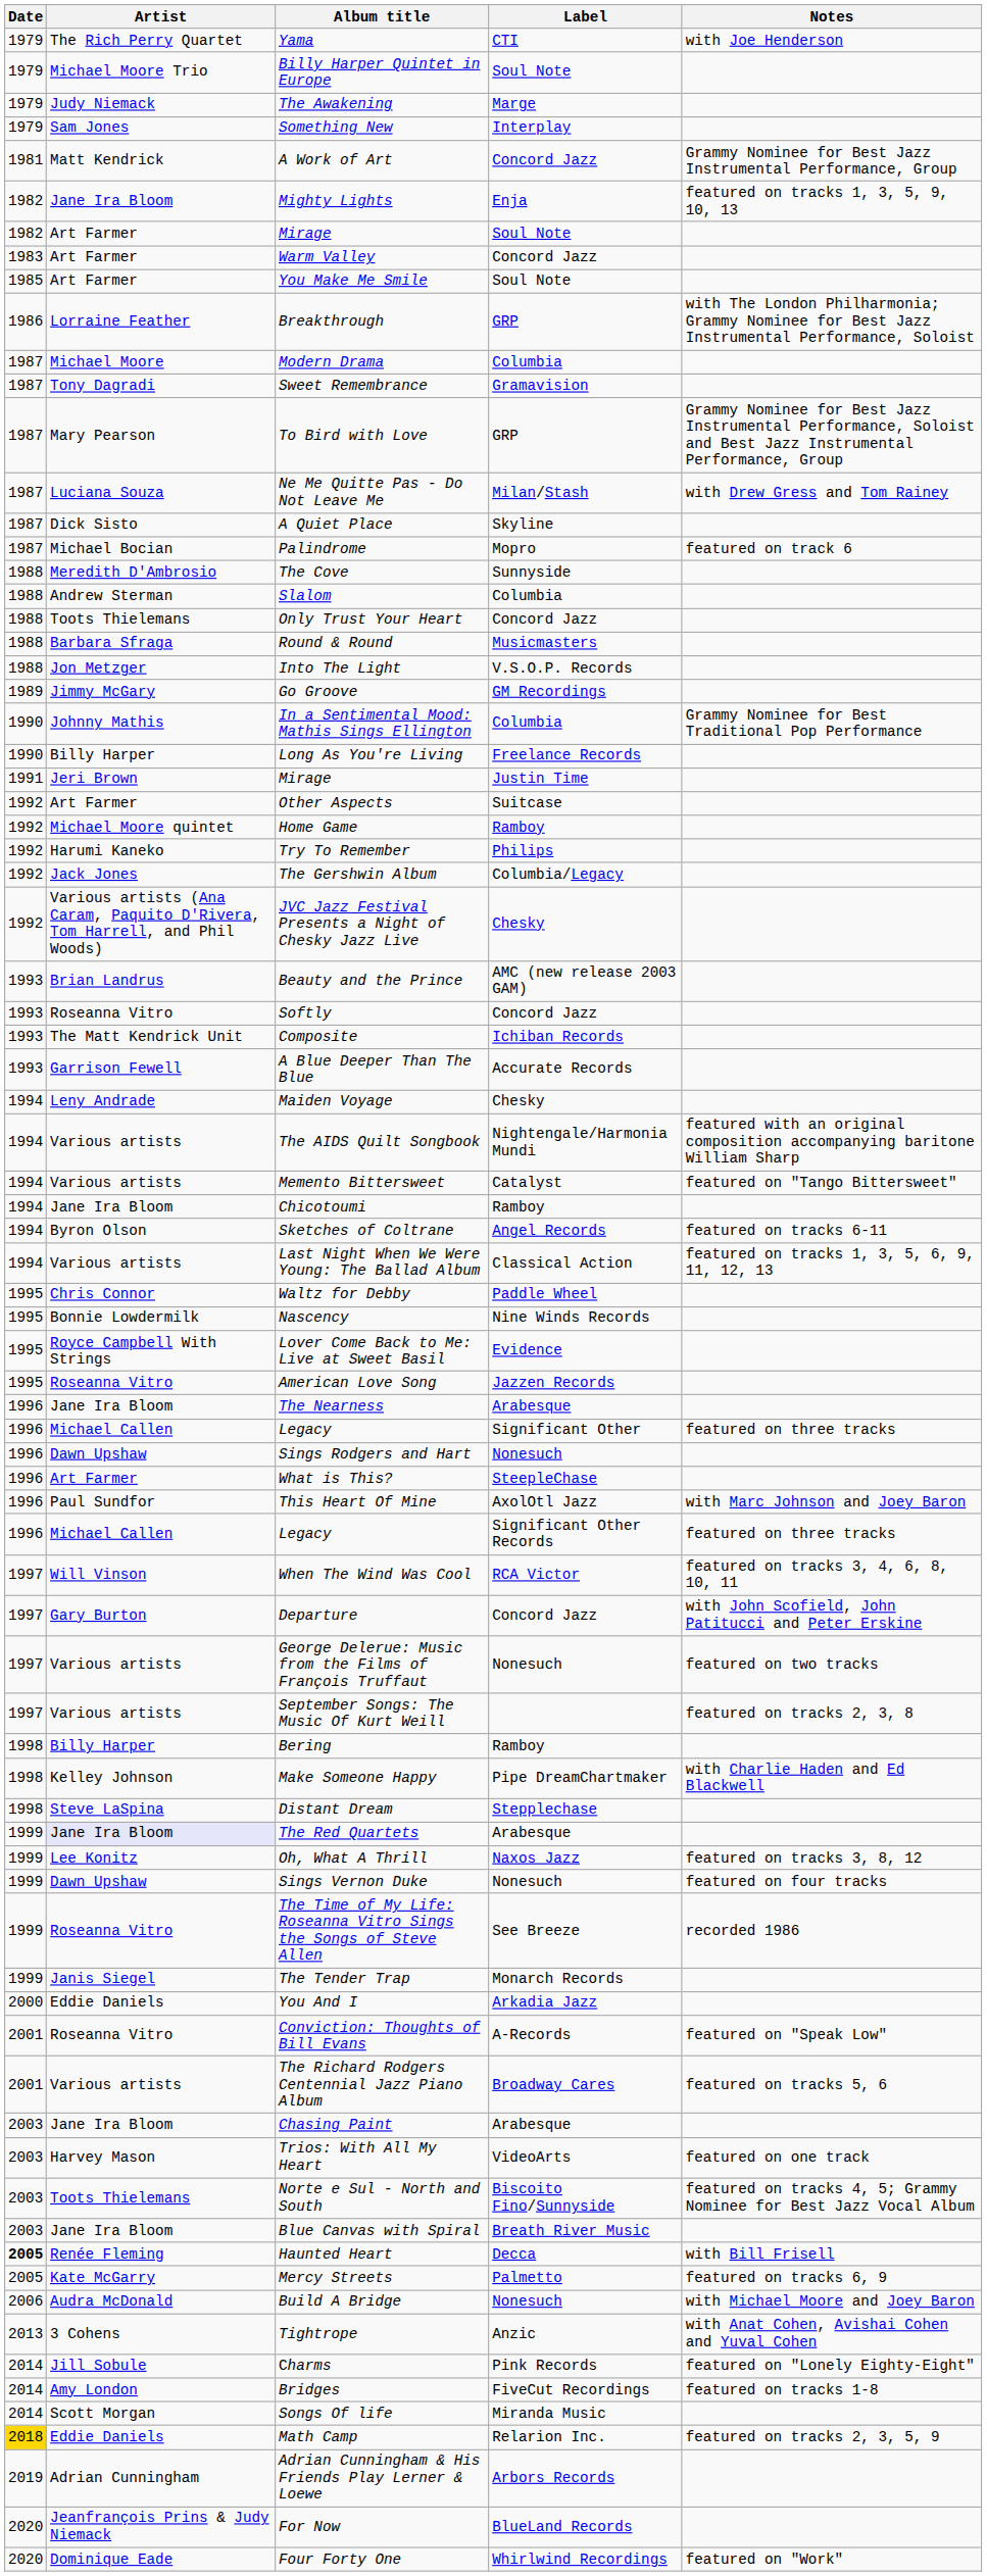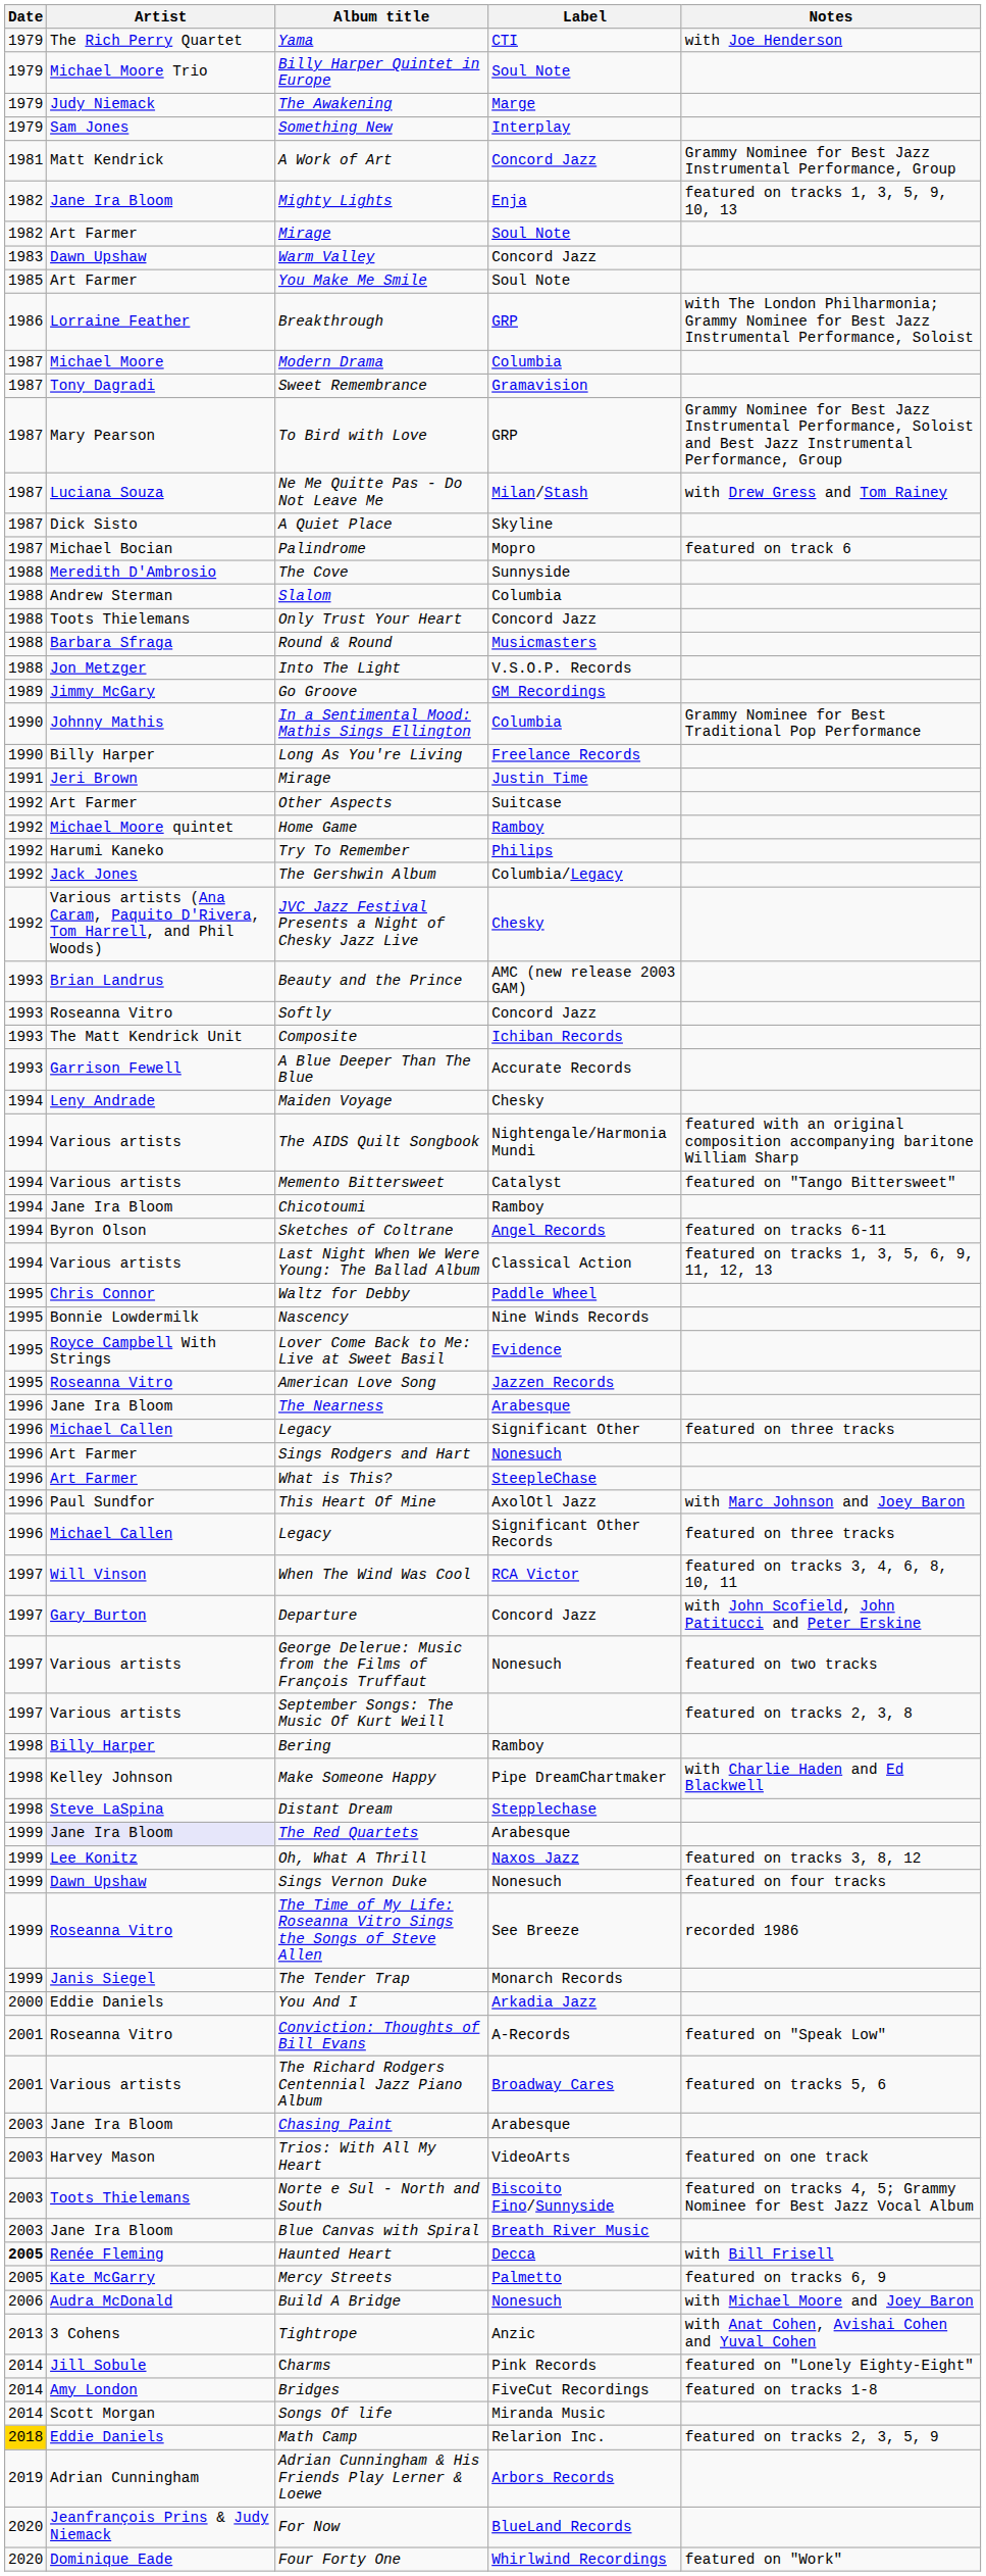 <table class="wikitable sortable">
 <tr>
 <th scope="col">Date</th>
 <th scope="col">Artist</th>
 <th scope="col">Album title</th>
 <th scope="col">Label</th>
 <th scope="col" class="unsortable">Notes</th>
 </tr>
 <tr>
 <td>1979</td>
 <td>The <a href='#'>Rich Perry</a> Quartet</td>
 <td><em><a href='#'>Yama</a></em></td>
 <td><a href='#'>CTI</a></td>
 <td>with <a href='#'>Joe Henderson</a></td>
 </tr>
 <tr>
 <td>1979</td>
 <td><a href='#'>Michael Moore</a> Trio</td>
 <td><em><a href='#'>Billy Harper Quintet in Europe</a></em></td>
 <td><a href='#'>Soul Note</a></td>
 <td></td>
 </tr>
 <tr>
 <td>1979</td>
 <td><a href='#'>Judy Niemack</a></td>
 <td><em><a href='#'>The Awakening</a></em></td>
 <td><a href='#'>Marge</a></td>
 <td></td>
 </tr>
 <tr>
 <td>1979</td>
 <td><a href='#'>Sam Jones</a></td>
 <td><em><a href='#'>Something New</a></em></td>
 <td><a href='#'>Interplay</a></td>
 <td></td>
 </tr>
 <tr>
 <td>1981</td>
 <td>Matt Kendrick</td>
 <td><em>A Work of Art</em></td>
 <td><a href='#'>Concord Jazz</a></td>
 <td>Grammy Nominee for Best Jazz Instrumental Performance, Group</td>
 </tr>
 <tr>
 <td>1982</td>
 <td><a href='#'>Jane Ira Bloom</a></td>
 <td><em><a href='#'>Mighty Lights</a></em></td>
 <td><a href='#'>Enja</a></td>
 <td>featured on tracks 1, 3, 5, 9, 10, 13</td>
 </tr>
 <tr>
 <td>1982</td>
 <td>Art Farmer</td>
 <td><em><a href='#'>Mirage</a></em></td>
 <td><a href='#'>Soul Note</a></td>
 <td></td>
 </tr>
 <tr>
 <td>1983</td>
-<td>Art Farmer</td>
+<td><a href='#'>Dawn Upshaw</a></td>
 <td><em><a href='#'>Warm Valley</a></em></td>
 <td>Concord Jazz</td>
 <td></td>
 </tr>
 <tr>
 <td>1985</td>
 <td>Art Farmer</td>
 <td><em><a href='#'>You Make Me Smile</a></em></td>
 <td>Soul Note</td>
 <td></td>
 </tr>
 <tr>
 <td>1986</td>
 <td><a href='#'>Lorraine Feather</a></td>
 <td><em>Breakthrough</em></td>
 <td><a href='#'>GRP</a></td>
 <td>with The London Philharmonia; Grammy Nominee for Best Jazz Instrumental Performance, Soloist</td>
 </tr>
 <tr>
 <td>1987</td>
 <td><a href='#'>Michael Moore</a></td>
 <td><em><a href='#'>Modern Drama</a></em></td>
 <td><a href='#'>Columbia</a></td>
 <td></td>
 </tr>
 <tr>
 <td>1987</td>
 <td><a href='#'>Tony Dagradi</a></td>
 <td><em>Sweet Remembrance</em></td>
 <td><a href='#'>Gramavision</a></td>
 <td></td>
 </tr>
 <tr>
 <td>1987</td>
 <td>Mary Pearson</td>
 <td><em>To Bird with Love</em></td>
 <td>GRP</td>
 <td>Grammy Nominee for Best Jazz Instrumental Performance, Soloist and Best Jazz Instrumental Performance, Group</td>
 </tr>
 <tr>
 <td>1987</td>
 <td><a href='#'>Luciana Souza</a></td>
 <td><em>Ne Me Quitte Pas - Do Not Leave Me</em></td>
 <td><a href='#'>Milan</a>/<a href='#'>Stash</a></td>
 <td>with <a href='#'>Drew Gress</a> and <a href='#'>Tom Rainey</a></td>
 </tr>
 <tr>
 <td>1987</td>
 <td>Dick Sisto</td>
 <td><em>A Quiet Place</em></td>
 <td>Skyline</td>
 <td></td>
 </tr>
 <tr>
 <td>1987</td>
 <td>Michael Bocian</td>
 <td><em>Palindrome</em></td>
 <td>Mopro</td>
 <td>featured on track 6</td>
 </tr>
 <tr>
 <td>1988</td>
 <td><a href='#'>Meredith D'Ambrosio</a></td>
 <td><em>The Cove</em></td>
 <td>Sunnyside</td>
 <td></td>
 </tr>
 <tr>
 <td>1988</td>
 <td>Andrew Sterman</td>
 <td><em><a href='#'>Slalom</a></em></td>
 <td>Columbia</td>
 <td></td>
 </tr>
 <tr>
 <td>1988</td>
 <td>Toots Thielemans</td>
 <td><em>Only Trust Your Heart</em></td>
 <td>Concord Jazz</td>
 <td></td>
 </tr>
 <tr>
 <td>1988</td>
 <td><a href='#'>Barbara Sfraga</a></td>
 <td><em>Round & Round</em></td>
 <td><a href='#'>Musicmasters</a></td>
 <td></td>
 </tr>
 <tr>
 <td>1988</td>
 <td><a href='#'>Jon Metzger</a></td>
 <td><em>Into The Light</em></td>
 <td>V.S.O.P. Records</td>
 <td></td>
 </tr>
 <tr>
 <td>1989</td>
 <td><a href='#'>Jimmy McGary</a></td>
 <td><em>Go Groove</em></td>
 <td><a href='#'>GM Recordings</a></td>
 <td></td>
 </tr>
 <tr>
 <td>1990</td>
 <td><a href='#'>Johnny Mathis</a></td>
 <td><em><a href='#'>In a Sentimental Mood: Mathis Sings Ellington</a></em></td>
 <td><a href='#'>Columbia</a></td>
 <td>Grammy Nominee for Best Traditional Pop Performance</td>
 </tr>
 <tr>
 <td>1990</td>
 <td>Billy Harper</td>
 <td><em>Long As You're Living</em></td>
 <td><a href='#'>Freelance Records</a></td>
 <td></td>
 </tr>
 <tr>
 <td>1991</td>
 <td><a href='#'>Jeri Brown</a></td>
 <td><em>Mirage</em></td>
 <td><a href='#'>Justin Time</a></td>
 <td></td>
 </tr>
 <tr>
 <td>1992</td>
 <td>Art Farmer</td>
 <td><em>Other Aspects</em></td>
 <td>Suitcase</td>
 <td></td>
 </tr>
 <tr>
 <td>1992</td>
 <td><a href='#'>Michael Moore</a> quintet</td>
 <td><em>Home Game</em></td>
 <td><a href='#'>Ramboy</a></td>
 <td></td>
 </tr>
 <tr>
 <td>1992</td>
 <td>Harumi Kaneko</td>
 <td><em>Try To Remember</em></td>
 <td><a href='#'>Philips</a></td>
 <td></td>
 </tr>
 <tr>
 <td>1992</td>
 <td><a href='#'>Jack Jones</a></td>
 <td><em>The Gershwin Album</em></td>
 <td>Columbia/<a href='#'>Legacy</a></td>
 <td></td>
 </tr>
 <tr>
 <td>1992</td>
 <td>Various artists (<a href='#'>Ana Caram</a>, <a href='#'>Paquito D'Rivera</a>, <a href='#'>Tom Harrell</a>, and Phil Woods)</td>
 <td><em><a href='#'>JVC Jazz Festival</a> Presents a Night of Chesky Jazz Live</em></td>
 <td><a href='#'>Chesky</a></td>
 <td></td>
 </tr>
 <tr>
 <td>1993</td>
 <td><a href='#'>Brian Landrus</a></td>
 <td><em>Beauty and the Prince</em></td>
 <td>AMC (new release 2003 GAM)</td>
 <td></td>
 </tr>
 <tr>
 <td>1993</td>
 <td>Roseanna Vitro</td>
 <td><em>Softly</em></td>
 <td>Concord Jazz</td>
 <td></td>
 </tr>
 <tr>
 <td>1993</td>
 <td>The Matt Kendrick Unit</td>
 <td><em>Composite</em></td>
 <td><a href='#'>Ichiban Records</a></td>
 <td></td>
 </tr>
 <tr>
 <td>1993</td>
 <td><a href='#'>Garrison Fewell</a></td>
 <td><em>A Blue Deeper Than The Blue</em></td>
 <td>Accurate Records</td>
 <td></td>
 </tr>
 <tr>
 <td>1994</td>
 <td><a href='#'>Leny Andrade</a></td>
 <td><em>Maiden Voyage</em></td>
 <td>Chesky</td>
 <td></td>
 </tr>
 <tr>
 <td>1994</td>
 <td>Various artists</td>
 <td><em>The AIDS Quilt Songbook</em></td>
 <td>Nightengale/Harmonia Mundi</td>
 <td>featured with an original composition accompanying baritone William Sharp</td>
 </tr>
 <tr>
 <td>1994</td>
 <td>Various artists</td>
 <td><em>Memento Bittersweet</em></td>
 <td>Catalyst</td>
 <td>featured on "Tango Bittersweet"</td>
 </tr>
 <tr>
 <td>1994</td>
 <td>Jane Ira Bloom</td>
 <td><em>Chicotoumi</em></td>
 <td>Ramboy</td>
 <td></td>
 </tr>
 <tr>
 <td>1994</td>
 <td>Byron Olson</td>
 <td><em>Sketches of Coltrane</em></td>
 <td><a href='#'>Angel Records</a></td>
 <td>featured on tracks 6-11</td>
 </tr>
 <tr>
 <td>1994</td>
 <td>Various artists</td>
 <td><em>Last Night When We Were Young: The Ballad Album</em></td>
 <td>Classical Action</td>
 <td>featured on tracks 1, 3, 5, 6, 9, 11, 12, 13</td>
 </tr>
 <tr>
 <td>1995</td>
 <td><a href='#'>Chris Connor</a></td>
 <td><em>Waltz for Debby</em></td>
 <td><a href='#'>Paddle Wheel</a></td>
 <td></td>
 </tr>
 <tr>
 <td>1995</td>
 <td>Bonnie Lowdermilk</td>
 <td><em>Nascency</em></td>
 <td>Nine Winds Records</td>
 <td></td>
 </tr>
 <tr>
 <td>1995</td>
 <td><a href='#'>Royce Campbell</a> With Strings</td>
 <td><em>Lover Come Back to Me: Live at Sweet Basil</em></td>
 <td><a href='#'>Evidence</a></td>
 <td></td>
 </tr>
 <tr>
 <td>1995</td>
 <td><a href='#'>Roseanna Vitro</a></td>
 <td><em>American Love Song</em></td>
 <td><a href='#'>Jazzen Records</a></td>
 <td></td>
 </tr>
 <tr>
 <td>1996</td>
 <td>Jane Ira Bloom</td>
 <td><em><a href='#'>The Nearness</a></em></td>
 <td><a href='#'>Arabesque</a></td>
 <td></td>
 </tr>
 <tr>
 <td>1996</td>
 <td><a href='#'>Michael Callen</a></td>
 <td><em>Legacy</em></td>
 <td>Significant Other</td>
 <td>featured on three tracks</td>
 </tr>
 <tr>
 <td>1996</td>
-<td><a href='#'>Dawn Upshaw</a></td>
+<td>Art Farmer</td>
 <td><em>Sings Rodgers and Hart</em></td>
 <td><a href='#'>Nonesuch</a></td>
 <td></td>
 </tr>
 <tr>
 <td>1996</td>
 <td><a href='#'>Art Farmer</a></td>
 <td><em>What is This?</em></td>
 <td><a href='#'>SteepleChase</a></td>
 <td></td>
 </tr>
 <tr>
 <td>1996</td>
 <td>Paul Sundfor</td>
 <td><em>This Heart Of Mine</em></td>
 <td>AxolOtl Jazz</td>
 <td>with <a href='#'>Marc Johnson</a> and <a href='#'>Joey Baron</a></td>
 </tr>
 <tr>
 <td>1996</td>
 <td><a href='#'>Michael Callen</a></td>
 <td><em>Legacy</em></td>
 <td>Significant Other Records</td>
 <td>featured on three tracks</td>
 </tr>
 <tr>
 <td>1997</td>
 <td><a href='#'>Will Vinson</a></td>
 <td><em>When The Wind Was Cool</em></td>
 <td><a href='#'>RCA Victor</a></td>
 <td>featured on tracks 3, 4, 6, 8, 10, 11</td>
 </tr>
 <tr>
 <td>1997</td>
 <td><a href='#'>Gary Burton</a></td>
 <td><em>Departure</em></td>
 <td>Concord Jazz</td>
 <td>with <a href='#'>John Scofield</a>, <a href='#'>John Patitucci</a> and <a href='#'>Peter Erskine</a></td>
 </tr>
 <tr>
 <td>1997</td>
 <td>Various artists</td>
 <td><em>George Delerue: Music from the Films of François Truffaut</em></td>
 <td>Nonesuch</td>
 <td>featured on two tracks</td>
 </tr>
 <tr>
 <td>1997</td>
 <td>Various artists</td>
 <td><em>September Songs: The Music Of Kurt Weill</em></td>
 <td></td>
 <td>featured on tracks 2, 3, 8</td>
 </tr>
 <tr>
 <td>1998</td>
 <td><a href='#'>Billy Harper</a></td>
 <td><em>Bering</em></td>
 <td>Ramboy</td>
 <td></td>
 </tr>
 <tr>
 <td>1998</td>
 <td>Kelley Johnson</td>
 <td><em>Make Someone Happy</em></td>
 <td>Pipe DreamChartmaker</td>
 <td>with <a href='#'>Charlie Haden</a> and <a href='#'>Ed Blackwell</a></td>
 </tr>
 <tr>
 <td>1998</td>
 <td><a href='#'>Steve LaSpina</a></td>
 <td><em>Distant Dream</em></td>
 <td><a href='#'>Stepplechase</a></td>
 <td></td>
 </tr>
 <tr>
 <td>1999</td>
 <td style="background: lavender;">Jane Ira Bloom</td>
 <td><em><a href='#'>The Red Quartets</a></em></td>
 <td>Arabesque</td>
 <td></td>
 </tr>
 <tr>
 <td>1999</td>
 <td><a href='#'>Lee Konitz</a></td>
 <td><em>Oh, What A Thrill</em></td>
 <td><a href='#'>Naxos Jazz</a></td>
 <td>featured on tracks 3, 8, 12</td>
 </tr>
 <tr>
 <td>1999</td>
 <td><a href='#'>Dawn Upshaw</a></td>
 <td><em>Sings Vernon Duke</em></td>
 <td>Nonesuch</td>
 <td>featured on four tracks</td>
 </tr>
 <tr>
 <td>1999</td>
 <td><a href='#'>Roseanna Vitro</a></td>
 <td><em><a href='#'>The Time of My Life: Roseanna Vitro Sings the Songs of Steve Allen</a></em></td>
 <td>See Breeze</td>
 <td>recorded 1986</td>
 </tr>
 <tr>
 <td>1999</td>
 <td><a href='#'>Janis Siegel</a></td>
 <td><em>The Tender Trap</em></td>
 <td>Monarch Records</td>
 <td></td>
 </tr>
 <tr>
 <td>2000</td>
 <td>Eddie Daniels</td>
 <td><em>You And I</em></td>
 <td><a href='#'>Arkadia Jazz</a></td>
 <td></td>
 </tr>
 <tr>
 <td>2001</td>
 <td>Roseanna Vitro</td>
 <td><em><a href='#'>Conviction: Thoughts of Bill Evans</a></em></td>
 <td>A-Records</td>
 <td>featured on "Speak Low"</td>
 </tr>
 <tr>
 <td>2001</td>
 <td>Various artists</td>
 <td><em>The Richard Rodgers Centennial Jazz Piano Album</em></td>
 <td><a href='#'>Broadway Cares</a></td>
 <td>featured on tracks 5, 6</td>
 </tr>
 <tr>
 <td>2003</td>
 <td>Jane Ira Bloom</td>
 <td><em><a href='#'>Chasing Paint</a></em></td>
 <td>Arabesque</td>
 <td></td>
 </tr>
 <tr>
 <td>2003</td>
 <td>Harvey Mason</td>
 <td><em>Trios: With All My Heart</em></td>
 <td>VideoArts</td>
 <td>featured on one track</td>
 </tr>
 <tr>
 <td>2003</td>
 <td><a href='#'>Toots Thielemans</a></td>
 <td><em>Norte e Sul -</em> <em>North and South</em></td>
 <td><a href='#'>Biscoito Fino</a>/<a href='#'>Sunnyside</a></td>
 <td>featured on tracks 4, 5; Grammy Nominee for Best Jazz Vocal Album</td>
 </tr>
 <tr>
 <td>2003</td>
 <td>Jane Ira Bloom</td>
 <td><em>Blue Canvas with Spiral</em></td>
 <td><a href='#'>Breath River Music</a></td>
 <td></td>
 </tr>
 <tr>
 <td><strong>2005</strong></td>
 <td><a href='#'>Renée Fleming</a></td>
 <td><em>Haunted Heart</em></td>
 <td><a href='#'>Decca</a></td>
 <td>with <a href='#'>Bill Frisell</a></td>
 </tr>
 <tr>
 <td>2005</td>
 <td><a href='#'>Kate McGarry</a></td>
 <td><em>Mercy Streets</em></td>
 <td><a href='#'>Palmetto</a></td>
 <td>featured on tracks 6, 9</td>
 </tr>
 <tr>
 <td>2006</td>
 <td><a href='#'>Audra McDonald</a></td>
 <td><em>Build A Bridge</em></td>
 <td><a href='#'>Nonesuch</a></td>
 <td>with <a href='#'>Michael Moore</a> and <a href='#'>Joey Baron</a></td>
 </tr>
 <tr>
 <td>2013</td>
 <td>3 Cohens</td>
 <td><em>Tightrope</em></td>
 <td>Anzic</td>
 <td>with <a href='#'>Anat Cohen</a>, <a href='#'>Avishai Cohen</a> and <a href='#'>Yuval Cohen</a></td>
 </tr>
 <tr>
 <td>2014</td>
 <td><a href='#'>Jill Sobule</a></td>
 <td>C<em>harms</em></td>
 <td>Pink Records</td>
 <td>featured on "Lonely Eighty-Eight"</td>
 </tr>
 <tr>
 <td>2014</td>
 <td><a href='#'>Amy London</a></td>
 <td><em>Bridges</em></td>
 <td>FiveCut Recordings</td>
 <td>featured on tracks 1-8</td>
 </tr>
 <tr>
 <td>2014</td>
 <td>Scott Morgan</td>
 <td><em>Songs Of life</em></td>
 <td>Miranda Music</td>
 <td></td>
 </tr>
 <tr>
 <td style="background: gold;">2018</td>
 <td><a href='#'>Eddie Daniels</a></td>
 <td><em>Math Camp</em></td>
 <td>Relarion Inc.</td>
 <td>featured on tracks 2, 3, 5, 9</td>
 </tr>
 <tr>
 <td>2019</td>
 <td>Adrian Cunningham</td>
 <td><em>Adrian Cunningham & His Friends Play Lerner & Loewe</em></td>
 <td><a href='#'>Arbors Records</a></td>
 <td></td>
 </tr>
 <tr>
 <td>2020</td>
 <td><a href='#'>Jeanfrançois Prins</a> & <a href='#'>Judy Niemack</a></td>
 <td><em>For Now</em></td>
 <td><a href='#'>BlueLand Records</a></td>
 <td></td>
 </tr>
 <tr>
 <td>2020</td>
 <td><a href='#'>Dominique Eade</a></td>
 <td><em>Four Forty One</em></td>
 <td><a href='#'>Whirlwind Recordings</a></td>
 <td>featured on "Work"</td>
 </tr>
 </table>
